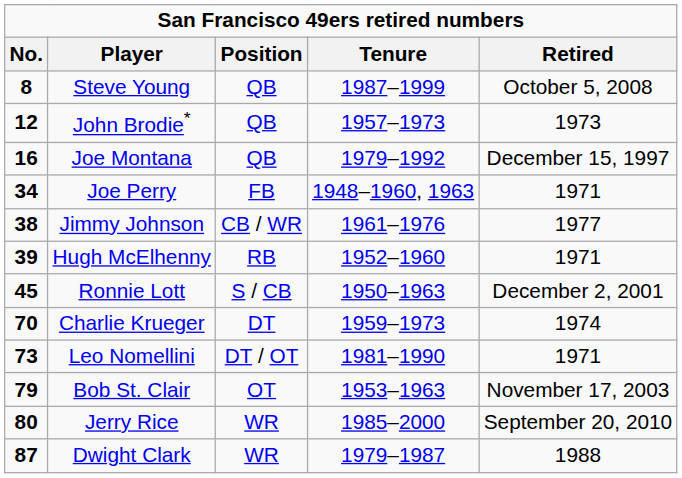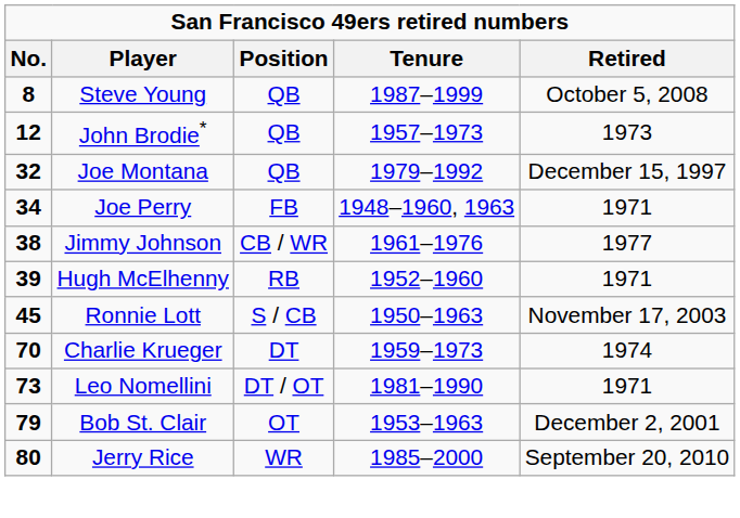 <table class="wikitable sortable" style="text-align:center">
 <tr>
 <td colspan="5"><strong>San Francisco 49ers retired numbers</strong></td>
 </tr>
 <tr>
 <th>No.</th>
 <th>Player</th>
 <th>Position</th>
 <th>Tenure</th>
 <th>Retired</th>
 </tr>
 <tr>
 <td><strong>8</strong></td>
 <td><a href='#'>Steve Young</a></td>
 <td><a href='#'>QB</a></td>
 <td><a href='#'>1987</a>–<a href='#'>1999</a></td>
 <td>October 5, 2008</td>
 </tr>
 <tr>
 <td><strong>12</strong></td>
 <td><a href='#'>John Brodie</a><sup>*</sup></td>
 <td><a href='#'>QB</a></td>
 <td><a href='#'>1957</a>–<a href='#'>1973</a></td>
 <td>1973</td>
 </tr>
 <tr>
-<td><strong>16</strong></td>
+<td><strong>32</strong></td>
 <td><a href='#'>Joe Montana</a></td>
 <td><a href='#'>QB</a></td>
 <td><a href='#'>1979</a>–<a href='#'>1992</a></td>
 <td>December 15, 1997</td>
 </tr>
 <tr>
 <td><strong>34</strong></td>
 <td><a href='#'>Joe Perry</a></td>
 <td><a href='#'>FB</a></td>
 <td><a href='#'>1948</a>–<a href='#'>1960</a>, <a href='#'>1963</a></td>
 <td>1971</td>
 </tr>
 <tr>
 <td><strong>38</strong></td>
 <td><a href='#'>Jimmy Johnson</a></td>
 <td><a href='#'>CB</a> / <a href='#'>WR</a></td>
 <td><a href='#'>1961</a>–<a href='#'>1976</a></td>
 <td>1977</td>
 </tr>
 <tr>
 <td><strong>39</strong></td>
 <td><a href='#'>Hugh McElhenny</a></td>
 <td><a href='#'>RB</a></td>
 <td><a href='#'>1952</a>–<a href='#'>1960</a></td>
 <td>1971</td>
 </tr>
 <tr>
 <td><strong>45</strong></td>
 <td><a href='#'>Ronnie Lott</a></td>
 <td><a href='#'>S</a> / <a href='#'>CB</a></td>
 <td><a href='#'>1950</a>–<a href='#'>1963</a></td>
-<td>December 2, 2001</td>
+<td>November 17, 2003</td>
 </tr>
 <tr>
 <td><strong>70</strong></td>
 <td><a href='#'>Charlie Krueger</a></td>
 <td><a href='#'>DT</a></td>
 <td><a href='#'>1959</a>–<a href='#'>1973</a></td>
 <td>1974</td>
 </tr>
 <tr>
 <td><strong>73</strong></td>
 <td><a href='#'>Leo Nomellini</a></td>
 <td><a href='#'>DT</a> / <a href='#'>OT</a></td>
 <td><a href='#'>1981</a>–<a href='#'>1990</a></td>
 <td>1971</td>
 </tr>
 <tr>
 <td><strong>79</strong></td>
 <td><a href='#'>Bob St. Clair</a></td>
 <td><a href='#'>OT</a></td>
 <td><a href='#'>1953</a>–<a href='#'>1963</a></td>
-<td>November 17, 2003</td>
+<td>December 2, 2001</td>
 </tr>
 <tr>
 <td><strong>80</strong></td>
 <td><a href='#'>Jerry Rice</a></td>
 <td><a href='#'>WR</a></td>
 <td><a href='#'>1985</a>–<a href='#'>2000</a></td>
 <td>September 20, 2010</td>
 </tr>
-<tr>
-<td><strong>87</strong></td>
-<td><a href='#'>Dwight Clark</a></td>
-<td><a href='#'>WR</a></td>
-<td><a href='#'>1979</a>–<a href='#'>1987</a></td>
-<td>1988</td>
-</tr>
 </table>
